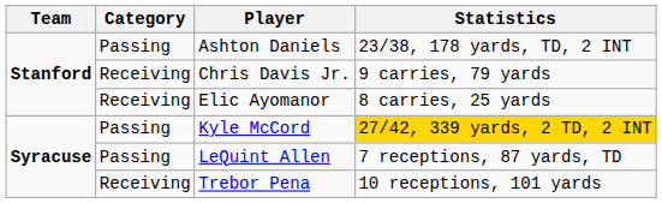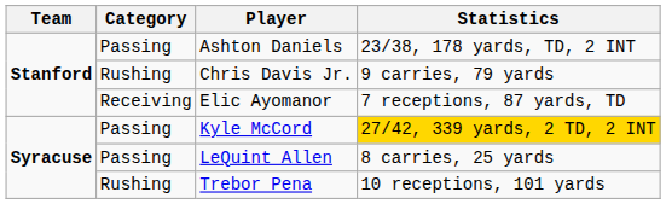 <table class="wikitable" style="float: right;">
 <tr>
 <th>Team</th>
 <th>Category</th>
 <th>Player</th>
 <th>Statistics</th>
 </tr>
 <tr>
 <td rowspan=3><strong>Stanford</strong></td>
 <td>Passing</td>
 <td>Ashton Daniels</td>
 <td>23/38, 178 yards, TD, 2 INT</td>
 </tr>
 <tr>
-<td>Receiving</td>
+<td>Rushing</td>
 <td>Chris Davis Jr.</td>
 <td>9 carries, 79 yards</td>
 </tr>
 <tr>
 <td>Receiving</td>
 <td>Elic Ayomanor</td>
-<td>8 carries, 25 yards</td>
+<td>7 receptions, 87 yards, TD</td>
 </tr>
 <tr>
 <td rowspan=3><strong>Syracuse</strong></td>
 <td>Passing</td>
 <td><a href='#'>Kyle McCord</a></td>
 <td style="background: gold;">27/42, 339 yards, 2 TD, 2 INT</td>
 </tr>
 <tr>
 <td>Passing</td>
 <td><a href='#'>LeQuint Allen</a></td>
-<td>7 receptions, 87 yards, TD</td>
+<td>8 carries, 25 yards</td>
 </tr>
 <tr>
-<td>Receiving</td>
+<td>Rushing</td>
 <td><a href='#'>Trebor Pena</a></td>
 <td>10 receptions, 101 yards</td>
 </tr>
 </table>
